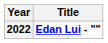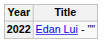 <table class="wikitable plainrowheaders">
 <tr>
 <th scope="col">Year</th>
 <th scope="col">Title</th>
 </tr>
 <tr>
 <th scope="row">2022</th>
-<td><strong><a href='#'>Edan Lui</a> - ""</strong></td>
+<td><a href='#'>Edan Lui</a> - ""</td>
 </tr>
 </table>
